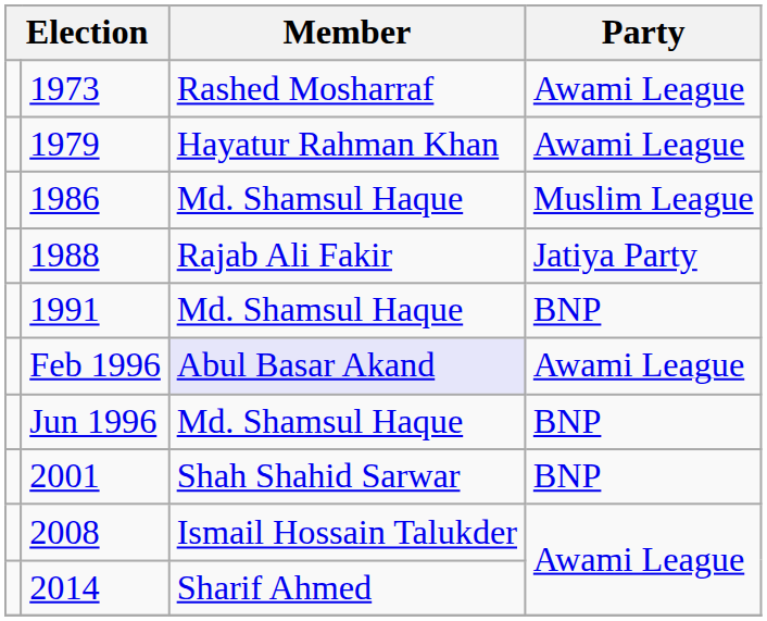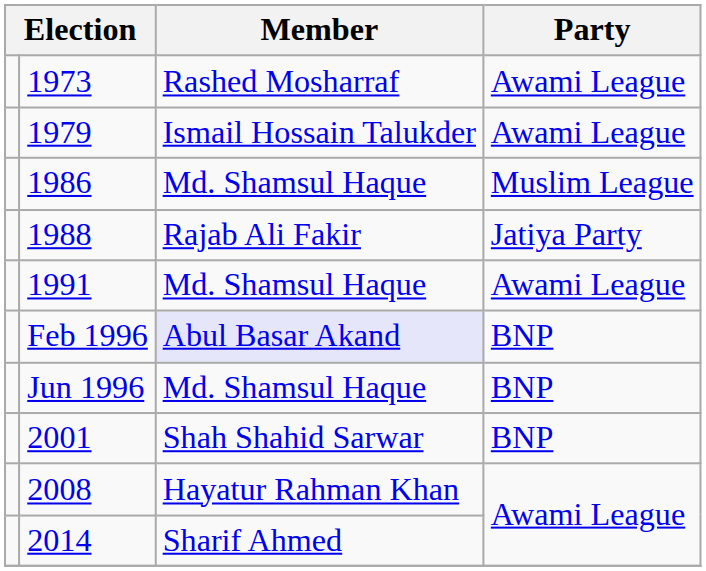 <table class="wikitable">
 <tr>
 <th colspan="2">Election</th>
 <th>Member</th>
 <th>Party</th>
 </tr>
 <tr>
 <td style="background-color:"></td>
 <td><a href='#'>1973</a></td>
 <td><a href='#'>Rashed Mosharraf</a></td>
 <td><a href='#'>Awami League</a></td>
 </tr>
 <tr>
 <td style="background-color:"></td>
 <td><a href='#'>1979</a></td>
-<td><a href='#'>Hayatur Rahman Khan</a></td>
+<td><a href='#'>Ismail Hossain Talukder</a></td>
 <td><a href='#'>Awami League</a></td>
 </tr>
 <tr>
 <td style="background-color:"></td>
 <td><a href='#'>1986</a></td>
 <td><a href='#'>Md. Shamsul Haque</a></td>
 <td><a href='#'>Muslim League</a></td>
 </tr>
 <tr>
 <td style="background-color:"></td>
 <td><a href='#'>1988</a></td>
 <td><a href='#'>Rajab Ali Fakir</a></td>
 <td><a href='#'>Jatiya Party</a></td>
 </tr>
 <tr>
 <td style="background-color:"></td>
 <td><a href='#'>1991</a></td>
 <td><a href='#'>Md. Shamsul Haque</a></td>
-<td><a href='#'>BNP</a></td>
+<td><a href='#'>Awami League</a></td>
 </tr>
 <tr>
 <td style="background-color:"></td>
 <td><a href='#'>Feb 1996</a></td>
 <td style="background: lavender;"><a href='#'>Abul Basar Akand</a></td>
-<td><a href='#'>Awami League</a></td>
+<td><a href='#'>BNP</a></td>
 </tr>
 <tr>
 <td style="background-color:"></td>
 <td><a href='#'>Jun 1996</a></td>
 <td><a href='#'>Md. Shamsul Haque</a></td>
 <td><a href='#'>BNP</a></td>
 </tr>
 <tr>
 <td style="background-color:"></td>
 <td><a href='#'>2001</a></td>
 <td><a href='#'>Shah Shahid Sarwar</a></td>
 <td><a href='#'>BNP</a></td>
 </tr>
 <tr>
 <td style="background-color:"></td>
 <td><a href='#'>2008</a></td>
-<td><a href='#'>Ismail Hossain Talukder</a></td>
+<td><a href='#'>Hayatur Rahman Khan</a></td>
 <td rowspan="2"><a href='#'>Awami League</a></td>
 </tr>
 <tr>
 <td style="background-color:"></td>
 <td><a href='#'>2014</a></td>
 <td><a href='#'>Sharif Ahmed</a></td>
 </tr>
 <tr>
 </tr>
 </table>
